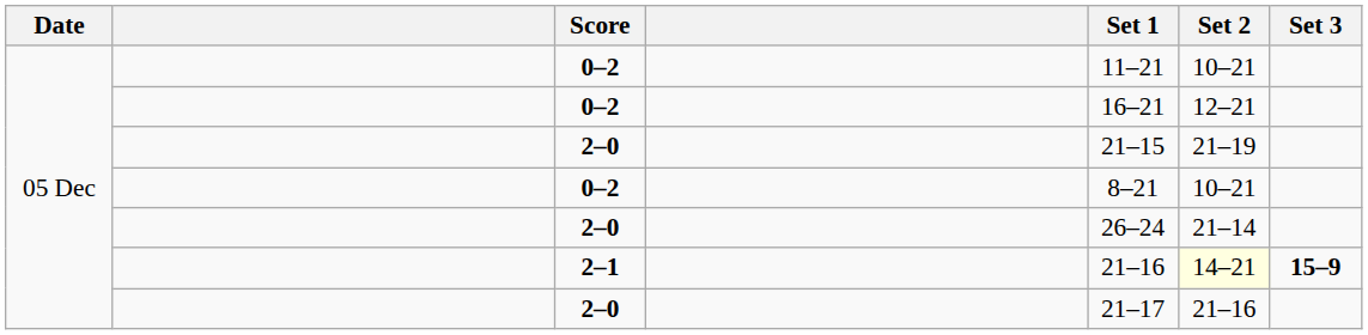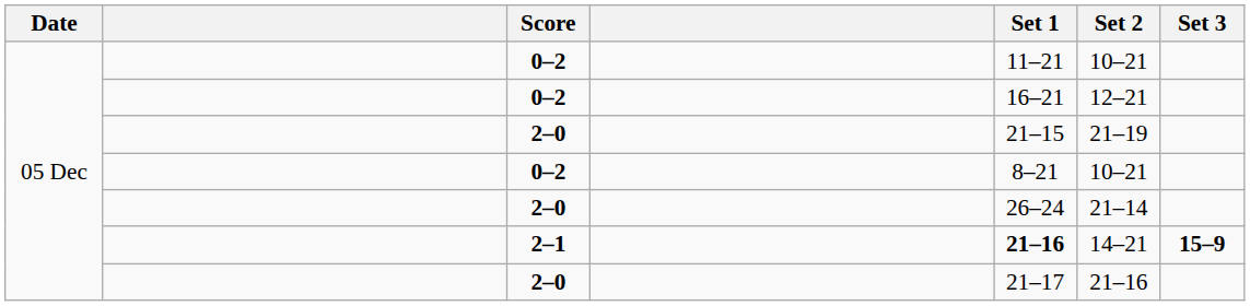 <table class="wikitable" style="text-align: center;">
 <tr>
 <th width="60">Date</th>
 <th align="right" width="270"></th>
 <th width="50">Score</th>
 <th align="left" width="270"></th>
 <th width="50">Set 1</th>
 <th width="50">Set 2</th>
 <th width="50">Set 3</th>
 </tr>
 <tr>
 <td rowspan=7>05 Dec</td>
 <td align=left></td>
 <td align=center><strong>0–2</strong></td>
 <td align=left><strong></strong></td>
 <td>11–21</td>
 <td>10–21</td>
 <td></td>
 </tr>
 <tr>
 <td align=left></td>
 <td align=center><strong>0–2</strong></td>
 <td align=left><strong></strong></td>
 <td>16–21</td>
 <td>12–21</td>
 <td></td>
 </tr>
 <tr>
 <td align=left><strong></strong></td>
 <td align=center><strong>2–0</strong></td>
 <td align=left></td>
 <td>21–15</td>
 <td>21–19</td>
 <td></td>
 </tr>
 <tr>
 <td align=left></td>
 <td align=center><strong>0–2</strong></td>
 <td align=left><strong></strong></td>
 <td>8–21</td>
 <td>10–21</td>
 <td></td>
 </tr>
 <tr>
 <td align=left><strong></strong></td>
 <td align=center><strong>2–0</strong></td>
 <td align=left></td>
 <td>26–24</td>
 <td>21–14</td>
 <td></td>
 </tr>
 <tr>
 <td align=left><strong></strong></td>
 <td align=center><strong>2–1</strong></td>
 <td align=left></td>
-<td>21–16</td>
-<td style="background: lightyellow;">14–21</td>
+<td><strong>21–16</strong></td>
+<td>14–21</td>
 <td><strong>15–9</strong></td>
 </tr>
 <tr>
 <td align=left><strong></strong></td>
 <td align=center><strong>2–0</strong></td>
 <td align=left></td>
 <td>21–17</td>
 <td>21–16</td>
 <td></td>
 </tr>
 </table>
